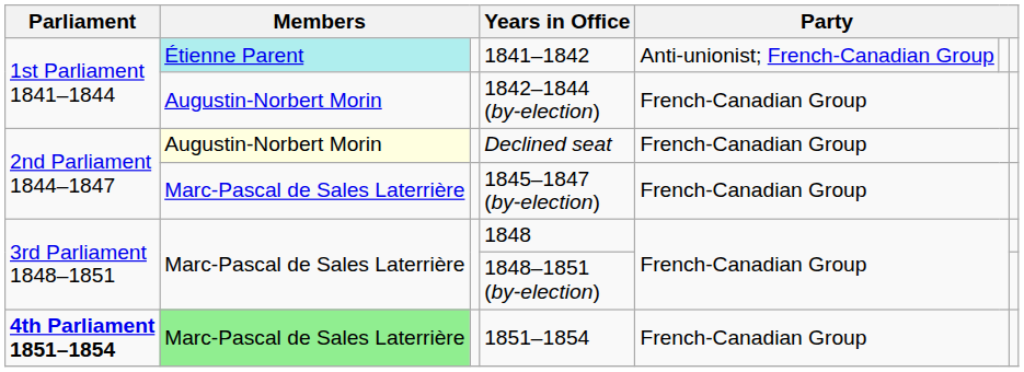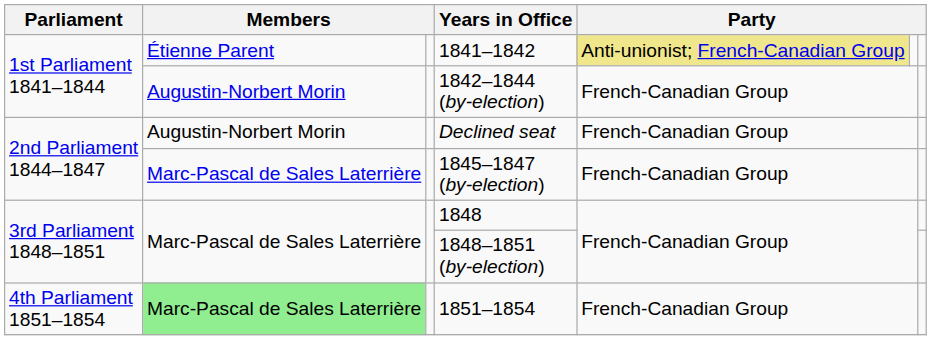 <table class="wikitable">
 <tr>
 <th>Parliament</th>
 <th colspan="2">Members</th>
 <th>Years in Office</th>
 <th colspan = "3">Party</th>
 </tr>
 <tr>
 <td rowspan="2"><a href='#'>1st Parliament</a><br>1841–1844</td>
-<td style="background: paleturquoise;"><a href='#'>Étienne Parent</a></td>
+<td><a href='#'>Étienne Parent</a></td>
 <td></td>
 <td>1841–1842</td>
-<td>Anti-unionist; <a href='#'>French-Canadian Group</a></td>
+<td style="background: khaki;">Anti-unionist; <a href='#'>French-Canadian Group</a></td>
 <td></td>
 <td></td>
 </tr>
 <tr>
 <td><a href='#'>Augustin-Norbert Morin</a></td>
 <td></td>
 <td>1842–1844 <br>(<em>by-election</em>)</td>
 <td colspan ="2">French-Canadian Group</td>
 <td></td>
 </tr>
 <tr>
 <td rowspan = "2"><a href='#'>2nd Parliament</a> <br> 1844–1847</td>
-<td style="background: lightyellow;">Augustin-Norbert Morin</td>
+<td>Augustin-Norbert Morin</td>
 <td></td>
 <td><em>Declined seat</em></td>
 <td colspan ="2">French-Canadian Group</td>
 <td></td>
 </tr>
 <tr>
 <td><a href='#'>Marc-Pascal de Sales Laterrière</a></td>
 <td></td>
 <td>1845–1847 <br>(<em>by-election</em>)</td>
 <td colspan ="2">French-Canadian Group</td>
 <td></td>
 </tr>
 <tr>
 <td rowspan = "2"><a href='#'>3rd Parliament</a> <br> 1848–1851</td>
 <td rowspan = "2">Marc-Pascal de Sales Laterrière</td>
 <td rowspan = "2"></td>
 <td>1848</td>
 <td rowspan = "2" colspan ="2">French-Canadian Group</td>
 <td></td>
 </tr>
 <tr>
 <td>1848–1851 <br> (<em>by-election</em>)</td>
 <td></td>
 </tr>
 <tr>
-<td><strong><a href='#'> 4th Parliament</a> <br> 1851–1854</strong></td>
+<td><a href='#'> 4th Parliament</a> <br> 1851–1854</td>
 <td style="background: lightgreen;">Marc-Pascal de Sales Laterrière</td>
 <td></td>
 <td>1851–1854</td>
 <td colspan = "2">French-Canadian Group</td>
 <td></td>
 </tr>
 <tr>
 </tr>
 </table>
